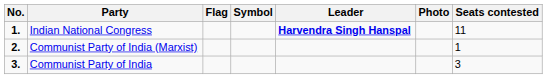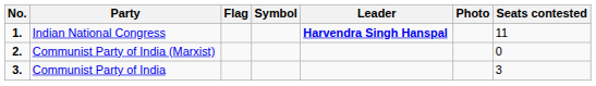 <table class="wikitable" width="50%">
 <tr>
 <th>No.</th>
 <th>Party</th>
 <th>Flag</th>
 <th>Symbol</th>
 <th>Leader</th>
 <th>Photo</th>
 <th>Seats contested</th>
 </tr>
 <tr>
 <td ! style="text-align:center; background:"><strong>1.</strong></td>
 <td><a href='#'>Indian National Congress</a></td>
 <td></td>
 <td></td>
 <td><strong><a href='#'>Harvendra Singh Hanspal</a></strong></td>
 <td></td>
 <td>11</td>
 </tr>
 <tr>
 <td ! style="text-align:center; background:"><strong>2.</strong></td>
 <td><a href='#'>Communist Party of India (Marxist)</a></td>
 <td></td>
 <td></td>
 <td></td>
 <td></td>
-<td>1</td>
+<td>0</td>
 </tr>
 <tr>
 <td ! style="text-align:center; background:"><strong>3.</strong></td>
 <td><a href='#'>Communist Party of India</a></td>
 <td></td>
 <td></td>
 <td></td>
 <td></td>
 <td>3</td>
 </tr>
 </table>
